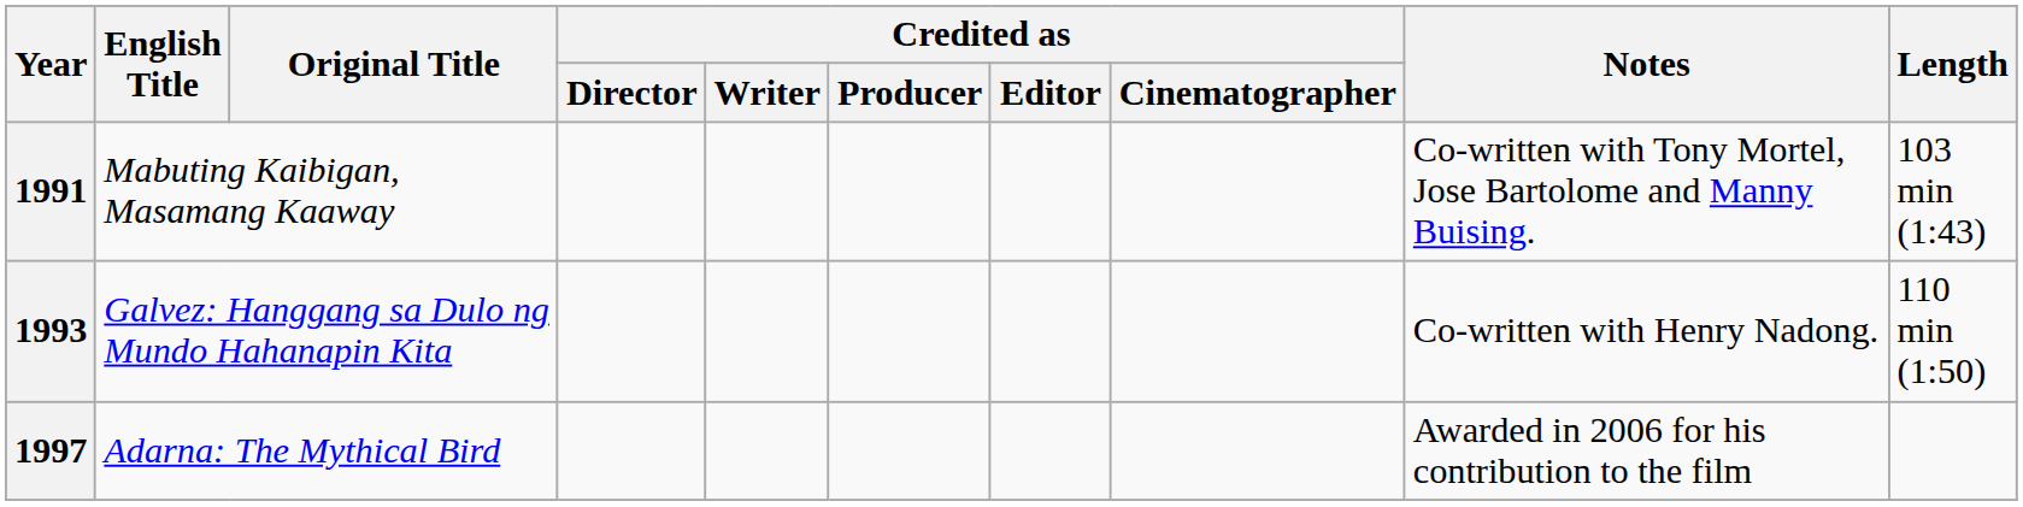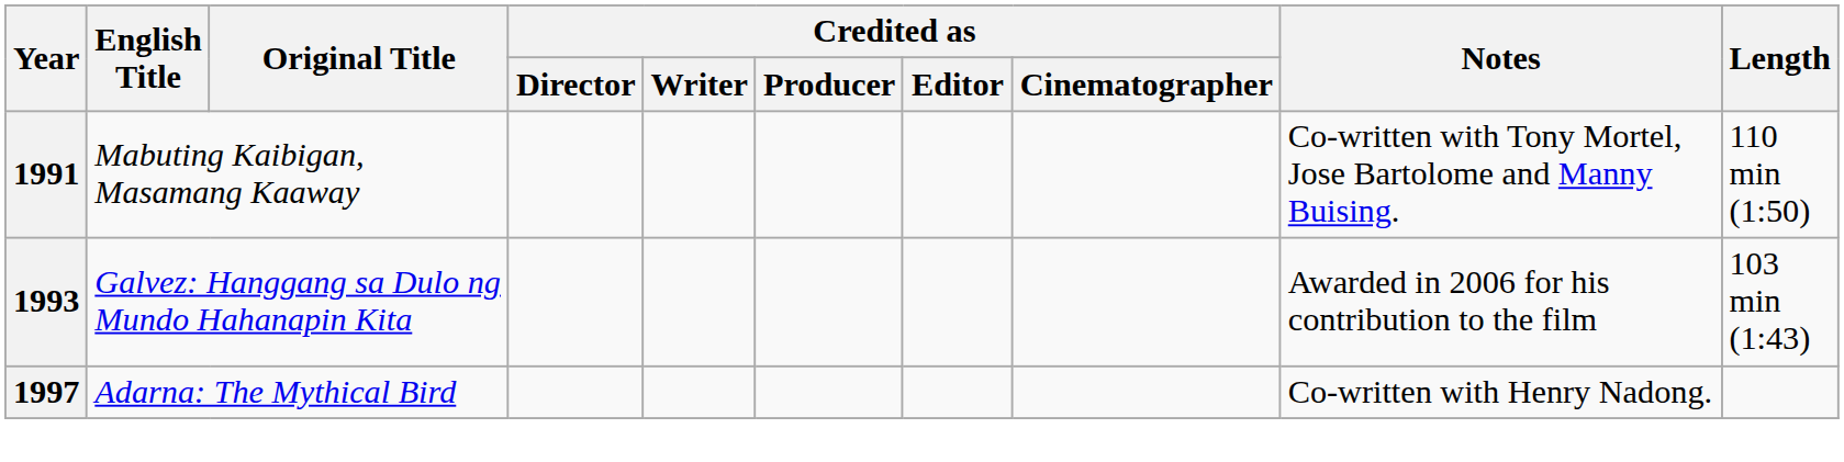 <table class="wikitable plainrowheaders" style="margin-right: 0;">
 <tr>
 <th rowspan="2" scope="col" width="4%">Year</th>
 <th rowspan="2">English Title</th>
 <th rowspan="2" scope="col" width="20%">Original Title</th>
 <th colspan="5" scope="col">Credited as</th>
 <th rowspan="2" scope="col" width="30%" class="unsortable">Notes</th>
 <th rowspan="2">Length</th>
 </tr>
 <tr>
 <th scope="col" width="6%">Director</th>
 <th scope="col" width="6%">Writer</th>
 <th scope="col" width="6%">Producer</th>
 <th scope="col" width="6%">Editor</th>
 <th scope="col" width="6%">Cinematographer</th>
 </tr>
 <tr>
 <th>1991</th>
 <td colspan="2"><em>Mabuting Kaibigan, Masamang Kaaway</em></td>
 <td></td>
 <td></td>
 <td></td>
 <td></td>
 <td></td>
 <td>Co-written with Tony Mortel, Jose Bartolome and <a href='#'>Manny Buising</a>.</td>
-<td>103 min (1:43)</td>
+<td>110 min (1:50)</td>
 </tr>
 <tr>
 <th>1993</th>
 <td colspan="2"><em><a href='#'>Galvez: Hanggang sa Dulo ng Mundo Hahanapin Kita</a></em></td>
 <td></td>
 <td></td>
 <td></td>
 <td></td>
 <td></td>
-<td>Co-written with Henry Nadong.</td>
-<td>110 min (1:50)</td>
+<td>Awarded in 2006 for his contribution to the film</td>
+<td>103 min (1:43)</td>
 </tr>
 <tr>
 <th>1997</th>
 <td colspan="2"><em><a href='#'>Adarna: The Mythical Bird</a></em></td>
 <td></td>
 <td></td>
 <td></td>
 <td></td>
 <td></td>
-<td>Awarded in 2006 for his contribution to the film</td>
+<td>Co-written with Henry Nadong.</td>
 <td></td>
 </tr>
 </table>
